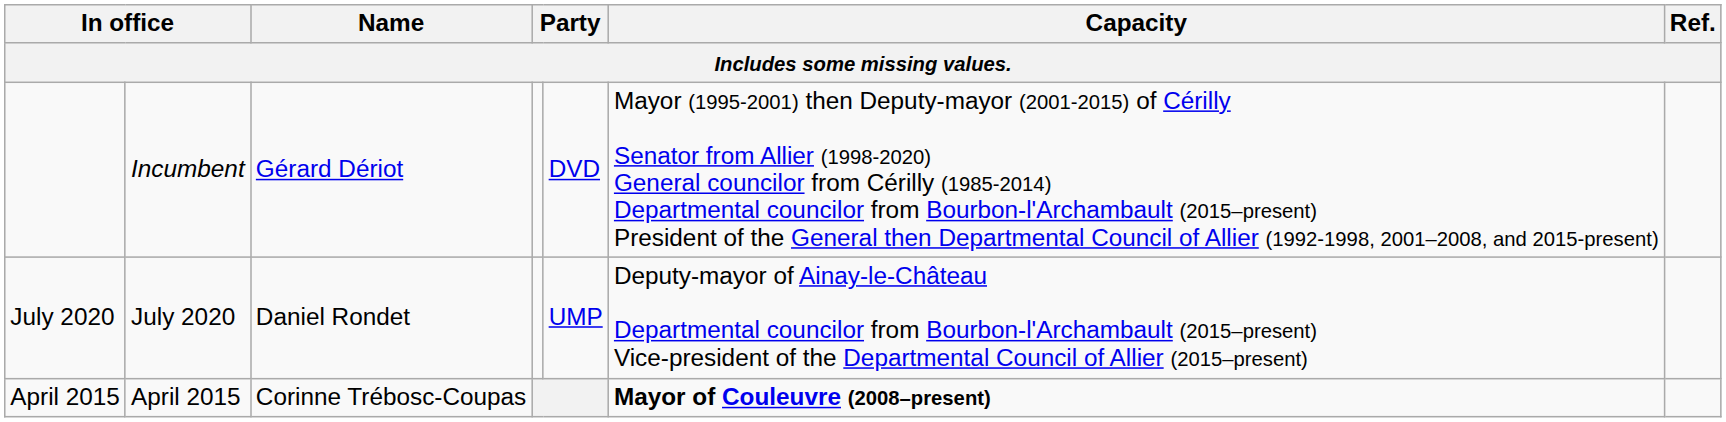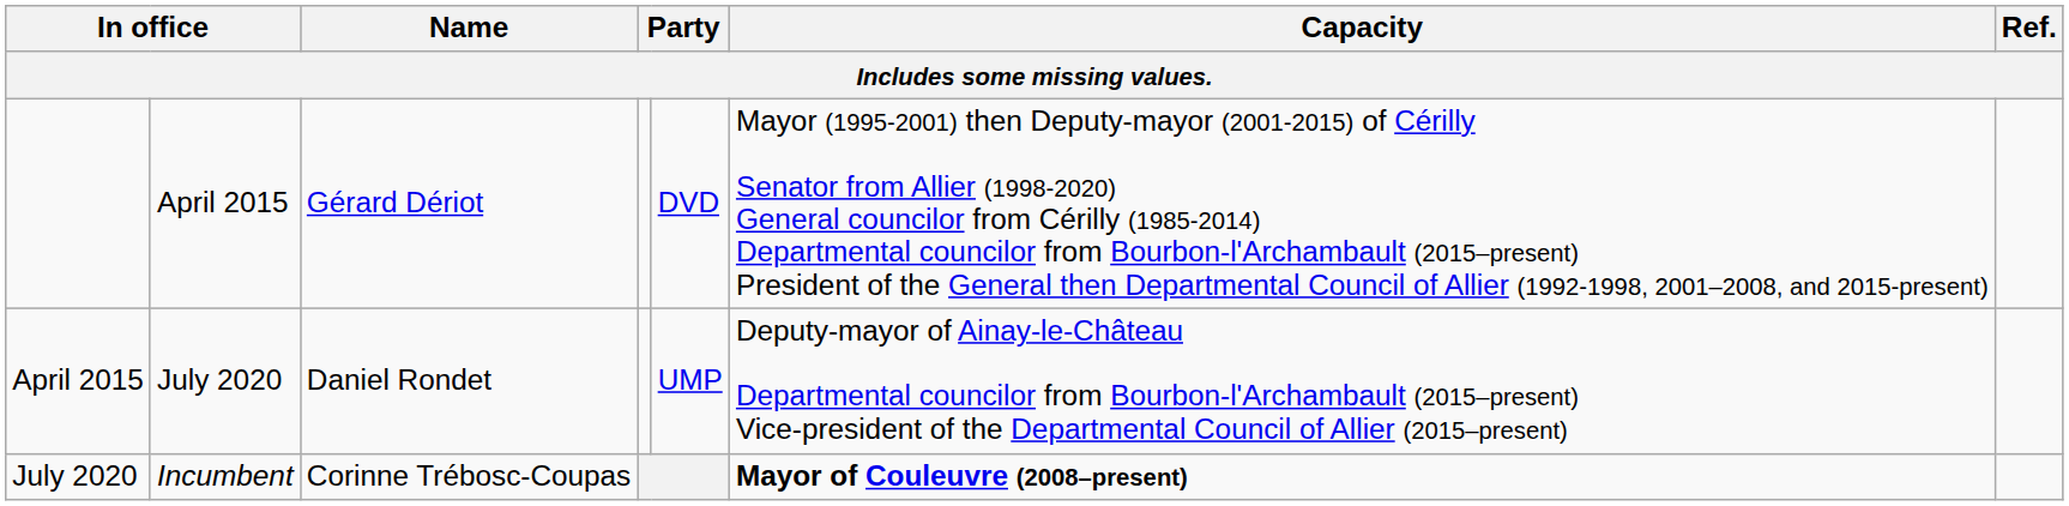 <table class="wikitable">
 <tr>
 <th colspan="2">In office</th>
 <th>Name</th>
 <th colspan="2">Party</th>
 <th>Capacity</th>
 <th>Ref.</th>
 </tr>
 <tr>
 <th colspan="7"><em><small>Includes some missing values.</small></em></th>
 </tr>
 <tr>
 <td></td>
-<td><em>Incumbent</em></td>
+<td>April 2015</td>
 <td><a href='#'>Gérard Dériot</a></td>
 <td style="background:"></td>
 <td><a href='#'>DVD</a></td>
 <td>Mayor <small>(1995-2001)</small> then Deputy-mayor <small>(2001-2015)</small> of <a href='#'>Cérilly</a><br><br><a href='#'>Senator from Allier</a> <small>(1998-2020)</small><br> <a href='#'>General councilor</a> from Cérilly <small>(1985-2014)</small><br> <a href='#'>Departmental councilor</a> from <a href='#'>Bourbon-l'Archambault</a> <small>(2015–present)</small><br> President of the <a href='#'>General then Departmental Council of Allier</a> <small>(1992-1998, 2001–2008, and 2015-present)</small></td>
 <td></td>
 </tr>
 <tr>
-<td>July 2020</td>
+<td>April 2015</td>
 <td>July 2020</td>
 <td>Daniel Rondet</td>
 <td style="background:"></td>
 <td><a href='#'>UMP</a></td>
 <td>Deputy-mayor of <a href='#'>Ainay-le-Château</a><br><br><a href='#'>Departmental councilor</a> from <a href='#'>Bourbon-l'Archambault</a> <small>(2015–present)</small><br> Vice-president of the <a href='#'>Departmental Council of Allier</a> <small>(2015–present)</small></td>
 <td></td>
 </tr>
 <tr>
-<td>April 2015</td>
-<td>April 2015</td>
+<td>July 2020</td>
+<td><em>Incumbent</em></td>
 <td>Corinne Trébosc-Coupas</td>
 <th colspan="2"></th>
 <td><strong>Mayor of <a href='#'>Couleuvre</a> <small>(2008–present)</small></strong></td>
 <td></td>
 </tr>
 </table>
